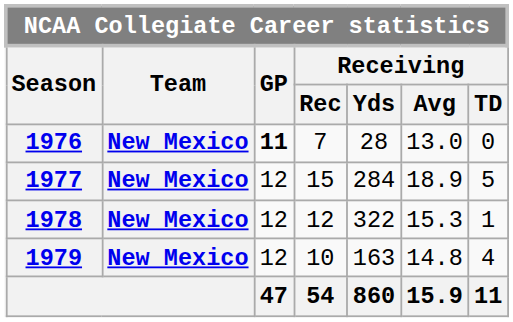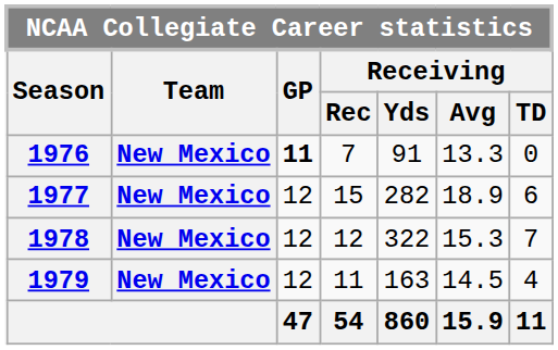 <table class="wikitable" style="text-align:center;">
 <tr>
 <th colspan="7" style="background:gray; border:2px solid silver; color:white;">NCAA Collegiate Career statistics</th>
 </tr>
 <tr>
 <th rowspan="2">Season</th>
 <th rowspan="2">Team</th>
 <th rowspan="2">GP</th>
 <th colspan="4">Receiving</th>
 </tr>
 <tr>
 <th>Rec</th>
 <th>Yds</th>
 <th>Avg</th>
 <th>TD</th>
 </tr>
 <tr>
 <th><a href='#'>1976</a></th>
 <th><a href='#'>New Mexico</a></th>
 <td><strong>11</strong></td>
 <td>7</td>
-<td>28</td>
-<td>13.0</td>
+<td>91</td>
+<td>13.3</td>
 <td>0</td>
 </tr>
 <tr>
 <th><a href='#'>1977</a></th>
 <th><a href='#'>New Mexico</a></th>
 <td>12</td>
 <td>15</td>
-<td>284</td>
+<td>282</td>
 <td>18.9</td>
-<td>5</td>
+<td>6</td>
 </tr>
 <tr>
 <th><a href='#'>1978</a></th>
 <th><a href='#'>New Mexico</a></th>
 <td>12</td>
 <td>12</td>
 <td>322</td>
 <td>15.3</td>
-<td>1</td>
+<td>7</td>
 </tr>
 <tr>
 <th><a href='#'>1979</a></th>
 <th><a href='#'>New Mexico</a></th>
 <td>12</td>
-<td>10</td>
+<td>11</td>
 <td>163</td>
-<td>14.8</td>
+<td>14.5</td>
 <td>4</td>
 </tr>
 <tr>
 <th colspan="2"></th>
 <th>47</th>
 <th>54</th>
 <th>860</th>
 <th>15.9</th>
 <th>11</th>
 </tr>
 </table>
